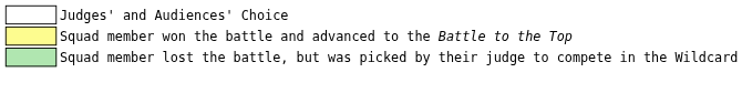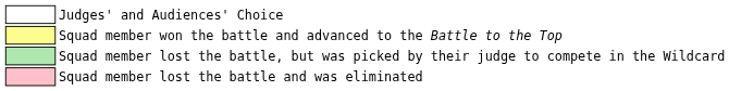 <table class="toccolours" style="white-space: nowrap;">
 <tr>
 <td style="background:white; border: 1px solid black;"> <strong></strong> </td>
 <td>Judges' and Audiences' Choice </td>
 </tr>
 <tr>
 <td style="background:#fdfc8f; border: 1px solid black">    </td>
 <td>Squad member won the battle and advanced to the <em>Battle to the Top</em></td>
 </tr>
 <tr>
 <td style="background:#b0e6b0; border:1px solid black;">      </td>
 <td>Squad member lost the battle, but was picked by their judge to compete in the Wildcard</td>
 </tr>
+<tr>
+<td style="background:pink; border:1px solid black;">      </td>
+<td>Squad member lost the battle and was eliminated</td>
+</tr>
 </table>
